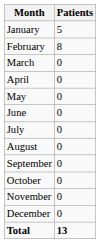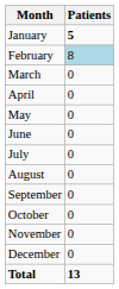 <table class="wikitable">
 <tr>
 <th>Month</th>
 <th>Patients</th>
 </tr>
 <tr>
 <td>January</td>
-<td>5</td>
+<td><strong>5</strong></td>
 </tr>
 <tr>
 <td>February</td>
-<td>8</td>
+<td style="background: lightblue;">8</td>
 </tr>
 <tr>
 <td>March</td>
 <td>0</td>
 </tr>
 <tr>
 <td>April</td>
 <td>0</td>
 </tr>
 <tr>
 <td>May</td>
 <td>0</td>
 </tr>
 <tr>
 <td>June</td>
 <td>0</td>
 </tr>
 <tr>
 <td>July</td>
 <td>0</td>
 </tr>
 <tr>
 <td>August</td>
 <td>0</td>
 </tr>
 <tr>
 <td>September</td>
 <td>0</td>
 </tr>
 <tr>
 <td>October</td>
 <td>0</td>
 </tr>
 <tr>
 <td>November</td>
 <td>0</td>
 </tr>
 <tr>
 <td>December</td>
 <td>0</td>
 </tr>
 <tr>
 <td><strong>Total</strong></td>
 <td><strong>13</strong></td>
 </tr>
 </table>
